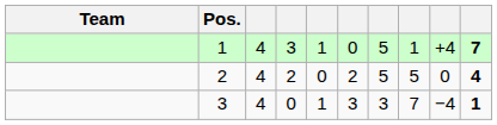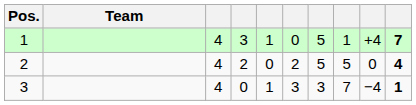 <table class="wikitable" style="text-align:center">
 <tr>
+<th width=30>Pos.</th>
 <th width=165>Team</th>
-<th width=30>Pos.</th>
 <th width=20></th>
 <th width=20></th>
 <th width=20></th>
 <th width=20></th>
 <th width=20></th>
 <th width=20></th>
 <th width=20></th>
 <th width=20></th>
 </tr>
 <tr style="background:#cfc">
+<td>1</td>
 <td style="text-align:left"></td>
-<td>1</td>
 <td>4</td>
 <td>3</td>
 <td>1</td>
 <td>0</td>
 <td>5</td>
 <td>1</td>
 <td>+4</td>
 <td><strong>7</strong></td>
 </tr>
 <tr>
+<td>2</td>
 <td style="text-align:left"></td>
-<td>2</td>
 <td>4</td>
 <td>2</td>
 <td>0</td>
 <td>2</td>
 <td>5</td>
 <td>5</td>
 <td>0</td>
 <td><strong>4</strong></td>
 </tr>
 <tr>
+<td>3</td>
 <td style="text-align:left"></td>
-<td>3</td>
 <td>4</td>
 <td>0</td>
 <td>1</td>
 <td>3</td>
 <td>3</td>
 <td>7</td>
 <td>−4</td>
 <td><strong>1</strong></td>
 </tr>
 </table>
